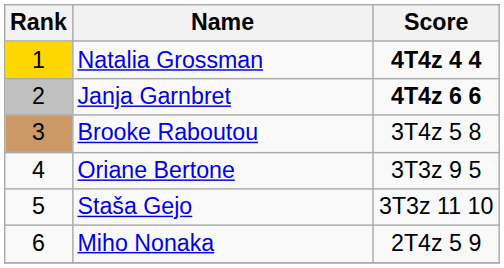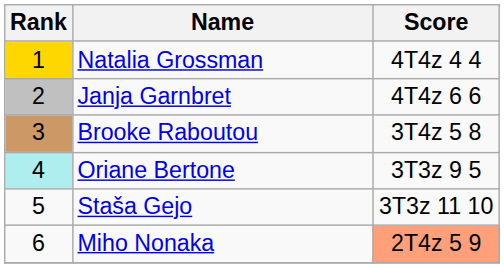 <table class="wikitable">
 <tr>
 <th>Rank</th>
 <th width = "200">Name</th>
 <th width = "80">Score</th>
 </tr>
 <tr>
 <td align="center" style="background: gold">1</td>
 <td> <a href='#'>Natalia Grossman</a></td>
-<td align="center"><strong>4T4z 4 4</strong></td>
+<td align="center">4T4z 4 4</td>
 </tr>
 <tr>
 <td align="center" style="background: silver">2</td>
 <td> <a href='#'>Janja Garnbret</a></td>
-<td align="center"><strong>4T4z 6 6</strong></td>
+<td align="center">4T4z 6 6</td>
 </tr>
 <tr>
 <td align="center" style="background: #cc9966">3</td>
 <td> <a href='#'>Brooke Raboutou</a></td>
 <td align="center">3T4z 5 8</td>
 </tr>
 <tr>
-<td align="center">4</td>
+<td align="center" style="background: paleturquoise;">4</td>
 <td> <a href='#'>Oriane Bertone</a></td>
 <td align="center">3T3z 9 5</td>
 </tr>
 <tr>
 <td align="center">5</td>
 <td> <a href='#'>Staša Gejo</a></td>
 <td align="center">3T3z 11 10</td>
 </tr>
 <tr>
 <td align="center">6</td>
 <td> <a href='#'>Miho Nonaka</a></td>
-<td align="center">2T4z 5 9</td>
+<td align="center" style="background: lightsalmon;">2T4z 5 9</td>
 </tr>
 <tr>
 </tr>
 </table>
